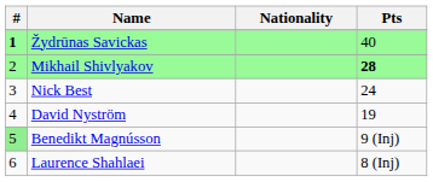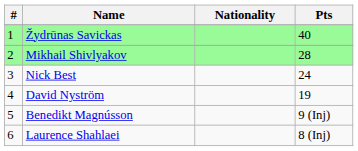 <table class="wikitable" style="display: inline-table; width: 50%;">
 <tr>
 <th>#</th>
 <th>Name</th>
 <th>Nationality</th>
 <th>Pts</th>
 </tr>
 <tr>
 </tr>
 <tr style="background:palegreen">
-<td><strong>1</strong></td>
+<td>1</td>
 <td><a href='#'>Žydrūnas Savickas</a></td>
 <td></td>
 <td>40</td>
 </tr>
 <tr>
 </tr>
 <tr style="background:palegreen">
 <td>2</td>
 <td><a href='#'>Mikhail Shivlyakov</a></td>
 <td></td>
-<td><strong>28</strong></td>
+<td>28</td>
 </tr>
 <tr>
 <td>3</td>
 <td><a href='#'>Nick Best</a></td>
 <td></td>
 <td>24</td>
 </tr>
 <tr>
 <td>4</td>
 <td><a href='#'>David Nyström</a></td>
 <td></td>
 <td>19</td>
 </tr>
 <tr>
-<td style="background: lightgreen;">5</td>
+<td>5</td>
 <td><a href='#'>Benedikt Magnússon</a></td>
 <td></td>
 <td>9 (Inj)</td>
 </tr>
 <tr>
 <td>6</td>
 <td><a href='#'>Laurence Shahlaei</a></td>
 <td></td>
 <td>8 (Inj)</td>
 </tr>
 </table>
